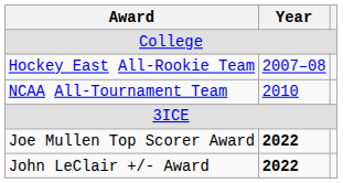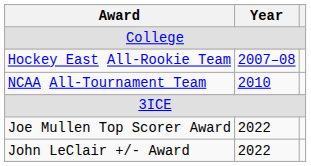 <table class="wikitable">
 <tr>
 <th>Award</th>
 <th>Year</th>
 <th></th>
 </tr>
 <tr ALIGN="center" bgcolor="#e0e0e0">
 <td colspan="3"><a href='#'>College</a></td>
 </tr>
 <tr>
 <td><a href='#'>Hockey East</a> <a href='#'>All-Rookie Team</a></td>
 <td><a href='#'>2007–08</a></td>
 <td></td>
 </tr>
 <tr>
 <td><a href='#'>NCAA</a> <a href='#'>All-Tournament Team</a></td>
 <td><a href='#'>2010</a></td>
 <td></td>
 </tr>
 <tr ALIGN="center" bgcolor="#e0e0e0">
 <td colspan="3"><a href='#'>3ICE</a></td>
 </tr>
 <tr>
 <td>Joe Mullen Top Scorer Award</td>
-<td><strong>2022</strong></td>
+<td>2022</td>
 <td></td>
 </tr>
 <tr>
 <td>John LeClair +/- Award</td>
-<td><strong>2022</strong></td>
+<td>2022</td>
 <td></td>
 </tr>
 </table>
